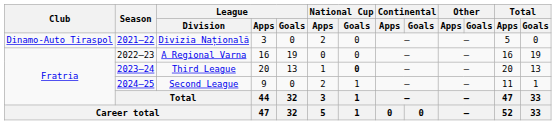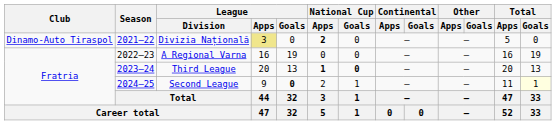 <table class="wikitable" style="text-align:center">
 <tr>
 <th rowspan="2">Club</th>
 <th rowspan="2">Season</th>
 <th colspan="3">League</th>
 <th colspan="2">National Cup</th>
 <th colspan="2">Continental</th>
 <th colspan="2">Other</th>
 <th colspan="2">Total</th>
 </tr>
 <tr>
 <th>Division</th>
 <th>Apps</th>
 <th>Goals</th>
 <th>Apps</th>
 <th>Goals</th>
 <th>Apps</th>
 <th>Goals</th>
 <th>Apps</th>
 <th>Goals</th>
 <th>Apps</th>
 <th>Goals</th>
 </tr>
 <tr>
 <td rowspan="1"><a href='#'>Dinamo-Auto Tiraspol</a></td>
 <td><a href='#'>2021–22</a></td>
 <td rowspan="1"><a href='#'>Divizia Națională</a></td>
-<td>3</td>
+<td style="background: khaki;">3</td>
 <td>0</td>
-<td>2</td>
+<td><strong>2</strong></td>
 <td>0</td>
 <td colspan="2">—</td>
 <td colspan="2">—</td>
 <td>5</td>
 <td>0</td>
 </tr>
 <tr>
 <td rowspan="4"><a href='#'>Fratria</a></td>
 <td>2022–23</td>
 <td rowspan="1"><a href='#'>A Regional Varna</a></td>
 <td>16</td>
 <td>19</td>
 <td>0</td>
 <td>0</td>
 <td colspan="2">—</td>
 <td colspan="2">—</td>
 <td>16</td>
 <td>19</td>
 </tr>
 <tr>
 <td><a href='#'>2023–24</a></td>
 <td rowspan="1"><a href='#'>Third League</a></td>
 <td>20</td>
 <td>13</td>
-<td>1</td>
+<td><strong>1</strong></td>
 <td><strong>0</strong></td>
 <td colspan="2">—</td>
 <td colspan="2">—</td>
 <td>20</td>
 <td>13</td>
 </tr>
 <tr>
 <td><a href='#'>2024–25</a></td>
 <td rowspan="1"><a href='#'>Second League</a></td>
 <td>9</td>
-<td>0</td>
+<td><strong>0</strong></td>
 <td>2</td>
 <td>1</td>
 <td colspan="2">—</td>
 <td colspan="2">—</td>
 <td>11</td>
-<td>1</td>
+<td style="background: lightyellow;">1</td>
 </tr>
 <tr>
 <th colspan="2">Total</th>
 <th>44</th>
 <th>32</th>
 <th>3</th>
 <th>1</th>
 <th colspan="2">—</th>
 <th colspan="2">—</th>
 <th>47</th>
 <th>33</th>
 </tr>
 <tr>
 <th colspan="3">Career total</th>
 <th>47</th>
 <th>32</th>
 <th>5</th>
 <th>1</th>
 <th>0</th>
 <th>0</th>
 <th colspan="2">—</th>
 <th>52</th>
 <th>33</th>
 </tr>
 </table>
